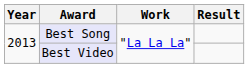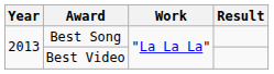 <table class="wikitable plainrowheaders" style="text-align:center;">
 <tr>
 <th>Year</th>
 <th>Award</th>
 <th>Work</th>
 <th>Result</th>
 </tr>
 <tr>
 <td rowspan=2>2013</td>
-<td style="background: lavender;">Best Song</td>
+<td>Best Song</td>
 <td rowspan=2>"<a href='#'>La La La</a>"</td>
 <td></td>
 </tr>
 <tr>
-<td style="background: lavender;">Best Video</td>
+<td>Best Video</td>
 <td></td>
 </tr>
 </table>
